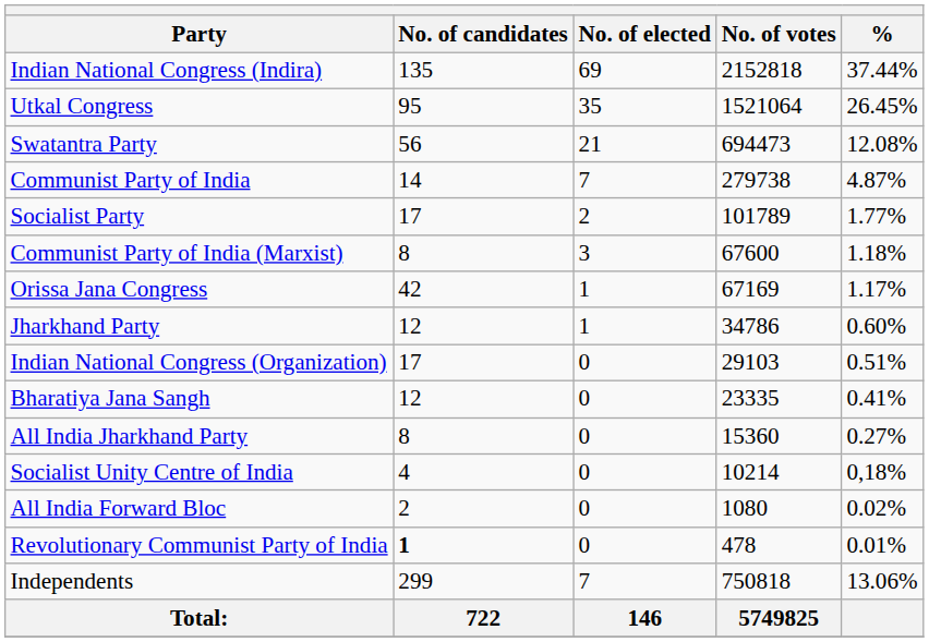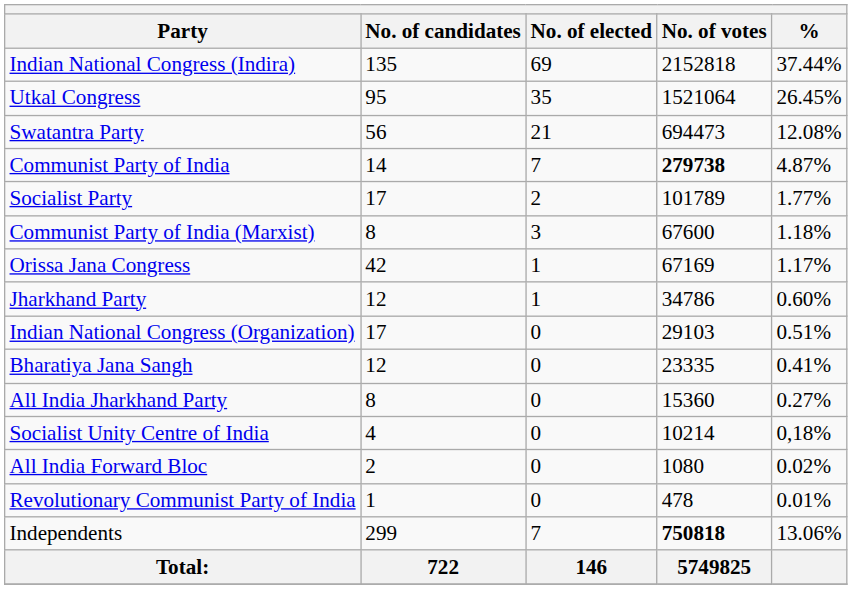 <table class="wikitable sortable">
 <tr>
 <th colspan=10></th>
 </tr>
 <tr>
 <th>Party</th>
 <th>No. of candidates</th>
 <th>No. of elected</th>
 <th>No. of votes</th>
 <th>%</th>
 </tr>
 <tr>
 <td><a href='#'>Indian National Congress (Indira)</a></td>
 <td>135</td>
 <td>69</td>
 <td>2152818</td>
 <td>37.44%</td>
 </tr>
 <tr>
 <td><a href='#'>Utkal Congress</a></td>
 <td>95</td>
 <td>35</td>
 <td>1521064</td>
 <td>26.45%</td>
 </tr>
 <tr>
 <td><a href='#'>Swatantra Party</a></td>
 <td>56</td>
 <td>21</td>
 <td>694473</td>
 <td>12.08%</td>
 </tr>
 <tr>
 <td><a href='#'>Communist Party of India</a></td>
 <td>14</td>
 <td>7</td>
-<td>279738</td>
+<td><strong>279738</strong></td>
 <td>4.87%</td>
 </tr>
 <tr>
 <td><a href='#'>Socialist Party</a></td>
 <td>17</td>
 <td>2</td>
 <td>101789</td>
 <td>1.77%</td>
 </tr>
 <tr>
 <td><a href='#'>Communist Party of India (Marxist)</a></td>
 <td>8</td>
 <td>3</td>
 <td>67600</td>
 <td>1.18%</td>
 </tr>
 <tr>
 <td><a href='#'>Orissa Jana Congress</a></td>
 <td>42</td>
 <td>1</td>
 <td>67169</td>
 <td>1.17%</td>
 </tr>
 <tr>
 <td><a href='#'>Jharkhand Party</a></td>
 <td>12</td>
 <td>1</td>
 <td>34786</td>
 <td>0.60%</td>
 </tr>
 <tr>
 <td><a href='#'>Indian National Congress (Organization)</a></td>
 <td>17</td>
 <td>0</td>
 <td>29103</td>
 <td>0.51%</td>
 </tr>
 <tr>
 <td><a href='#'>Bharatiya Jana Sangh</a></td>
 <td>12</td>
 <td>0</td>
 <td>23335</td>
 <td>0.41%</td>
 </tr>
 <tr>
 <td><a href='#'>All India Jharkhand Party</a></td>
 <td>8</td>
 <td>0</td>
 <td>15360</td>
 <td>0.27%</td>
 </tr>
 <tr>
 <td><a href='#'>Socialist Unity Centre of India</a></td>
 <td>4</td>
 <td>0</td>
 <td>10214</td>
 <td>0,18%</td>
 </tr>
 <tr>
 <td><a href='#'>All India Forward Bloc</a></td>
 <td>2</td>
 <td>0</td>
 <td>1080</td>
 <td>0.02%</td>
 </tr>
 <tr>
 <td><a href='#'>Revolutionary Communist Party of India</a></td>
-<td><strong>1</strong></td>
+<td>1</td>
 <td>0</td>
 <td>478</td>
 <td>0.01%</td>
 </tr>
 <tr>
 <td>Independents</td>
 <td>299</td>
 <td>7</td>
-<td>750818</td>
+<td><strong>750818</strong></td>
 <td>13.06%</td>
 </tr>
 <tr>
 <th><strong>Total:</strong></th>
 <th>722</th>
 <th>146</th>
 <th>5749825</th>
 <th></th>
 </tr>
 <tr>
 </tr>
 </table>
